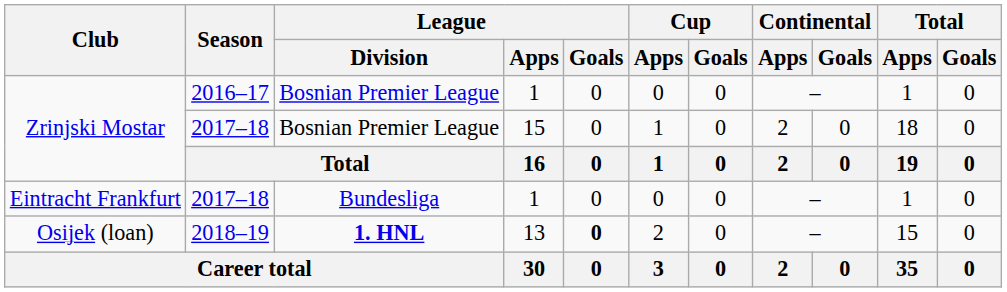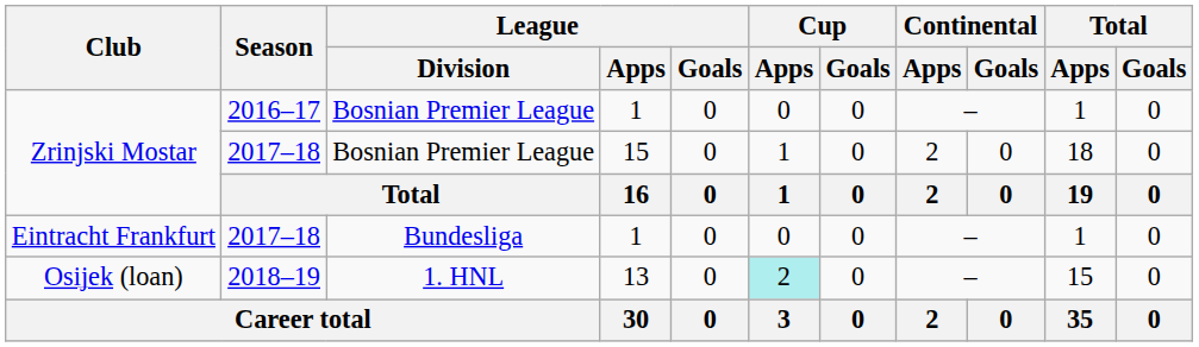 <table class="wikitable" style="text-align:center">
 <tr>
 <th rowspan=2>Club</th>
 <th rowspan=2>Season</th>
 <th colspan=3>League</th>
 <th colspan=2>Cup</th>
 <th colspan=2>Continental</th>
 <th colspan=2>Total</th>
 </tr>
 <tr>
 <th>Division</th>
 <th>Apps</th>
 <th>Goals</th>
 <th>Apps</th>
 <th>Goals</th>
 <th>Apps</th>
 <th>Goals</th>
 <th>Apps</th>
 <th>Goals</th>
 </tr>
 <tr>
 <td rowspan=3><a href='#'>Zrinjski Mostar</a></td>
 <td><a href='#'>2016–17</a></td>
 <td><a href='#'>Bosnian Premier League</a></td>
 <td>1</td>
 <td>0</td>
 <td>0</td>
 <td>0</td>
 <td colspan=2>–</td>
 <td>1</td>
 <td>0</td>
 </tr>
 <tr>
 <td><a href='#'>2017–18</a></td>
 <td>Bosnian Premier League</td>
 <td>15</td>
 <td>0</td>
 <td>1</td>
 <td>0</td>
 <td>2</td>
 <td>0</td>
 <td>18</td>
 <td>0</td>
 </tr>
 <tr>
 <th colspan=2>Total</th>
 <th>16</th>
 <th>0</th>
 <th>1</th>
 <th>0</th>
 <th>2</th>
 <th>0</th>
 <th>19</th>
 <th>0</th>
 </tr>
 <tr>
 <td><a href='#'>Eintracht Frankfurt</a></td>
 <td><a href='#'>2017–18</a></td>
 <td><a href='#'>Bundesliga</a></td>
 <td>1</td>
 <td>0</td>
 <td>0</td>
 <td>0</td>
 <td colspan=2>–</td>
 <td>1</td>
 <td>0</td>
 </tr>
 <tr>
 <td><a href='#'>Osijek</a> (loan)</td>
 <td><a href='#'>2018–19</a></td>
-<td><strong><a href='#'>1. HNL</a></strong></td>
+<td><a href='#'>1. HNL</a></td>
 <td>13</td>
-<td><strong>0</strong></td>
-<td>2</td>
+<td>0</td>
+<td style="background: paleturquoise;">2</td>
 <td>0</td>
 <td colspan=2>–</td>
 <td>15</td>
 <td>0</td>
 </tr>
 <tr>
 <th colspan=3>Career total</th>
 <th>30</th>
 <th>0</th>
 <th>3</th>
 <th>0</th>
 <th>2</th>
 <th>0</th>
 <th>35</th>
 <th>0</th>
 </tr>
 </table>
